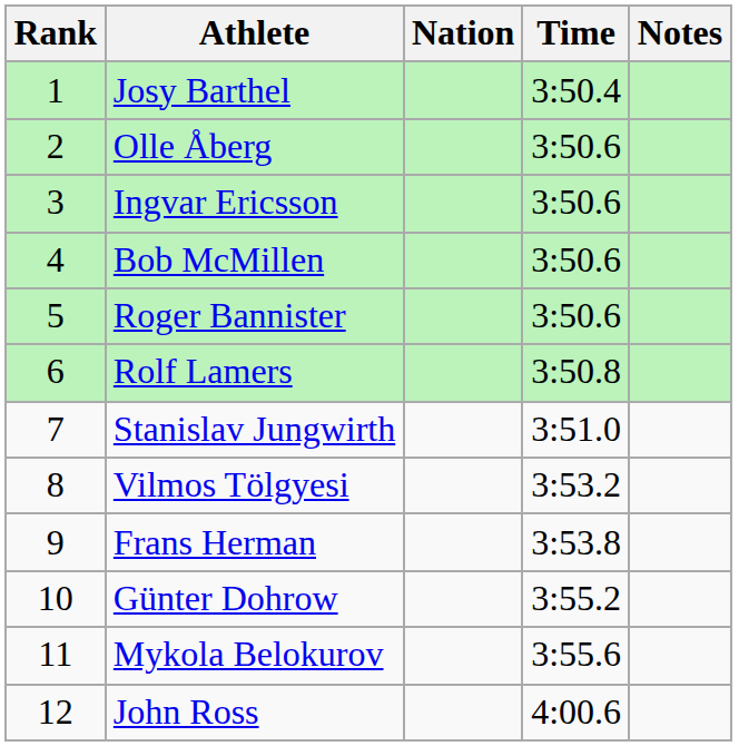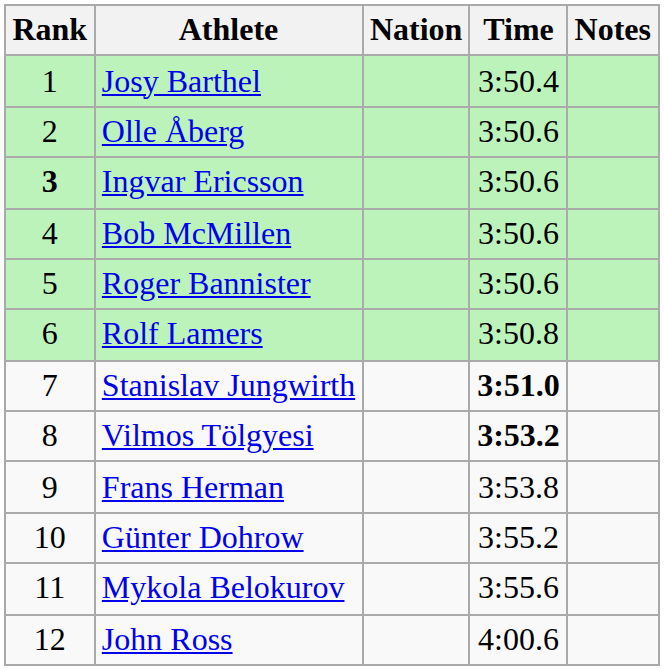 <table class="wikitable sortable" style="text-align:center">
 <tr>
 <th>Rank</th>
 <th>Athlete</th>
 <th>Nation</th>
 <th>Time</th>
 <th>Notes</th>
 </tr>
 <tr bgcolor=bbf3bb>
 <td>1</td>
 <td align=left><a href='#'>Josy Barthel</a></td>
 <td align=left></td>
 <td>3:50.4</td>
 <td></td>
 </tr>
 <tr bgcolor=bbf3bb>
 <td>2</td>
 <td align=left><a href='#'>Olle Åberg</a></td>
 <td align=left></td>
 <td>3:50.6</td>
 <td></td>
 </tr>
 <tr bgcolor=bbf3bb>
-<td>3</td>
+<td><strong>3</strong></td>
 <td align=left><a href='#'>Ingvar Ericsson</a></td>
 <td align=left></td>
 <td>3:50.6</td>
 <td></td>
 </tr>
 <tr bgcolor=bbf3bb>
 <td>4</td>
 <td align=left><a href='#'>Bob McMillen</a></td>
 <td align=left></td>
 <td>3:50.6</td>
 <td></td>
 </tr>
 <tr bgcolor=bbf3bb>
 <td>5</td>
 <td align=left><a href='#'>Roger Bannister</a></td>
 <td align=left></td>
 <td>3:50.6</td>
 <td></td>
 </tr>
 <tr bgcolor=bbf3bb>
 <td>6</td>
 <td align=left><a href='#'>Rolf Lamers</a></td>
 <td align=left></td>
 <td>3:50.8</td>
 <td></td>
 </tr>
 <tr>
 <td>7</td>
 <td align=left><a href='#'>Stanislav Jungwirth</a></td>
 <td align=left></td>
-<td>3:51.0</td>
+<td><strong>3:51.0</strong></td>
 <td></td>
 </tr>
 <tr>
 <td>8</td>
 <td align=left><a href='#'>Vilmos Tölgyesi</a></td>
 <td align=left></td>
-<td>3:53.2</td>
+<td><strong>3:53.2</strong></td>
 <td></td>
 </tr>
 <tr>
 <td>9</td>
 <td align=left><a href='#'>Frans Herman</a></td>
 <td align=left></td>
 <td>3:53.8</td>
 <td></td>
 </tr>
 <tr>
 <td>10</td>
 <td align=left><a href='#'>Günter Dohrow</a></td>
 <td align=left></td>
 <td>3:55.2</td>
 <td></td>
 </tr>
 <tr>
 <td>11</td>
 <td align=left><a href='#'>Mykola Belokurov</a></td>
 <td align=left></td>
 <td>3:55.6</td>
 <td></td>
 </tr>
 <tr>
 <td>12</td>
 <td align=left><a href='#'>John Ross</a></td>
 <td align=left></td>
 <td>4:00.6</td>
 <td></td>
 </tr>
 <tr>
 </tr>
 </table>
